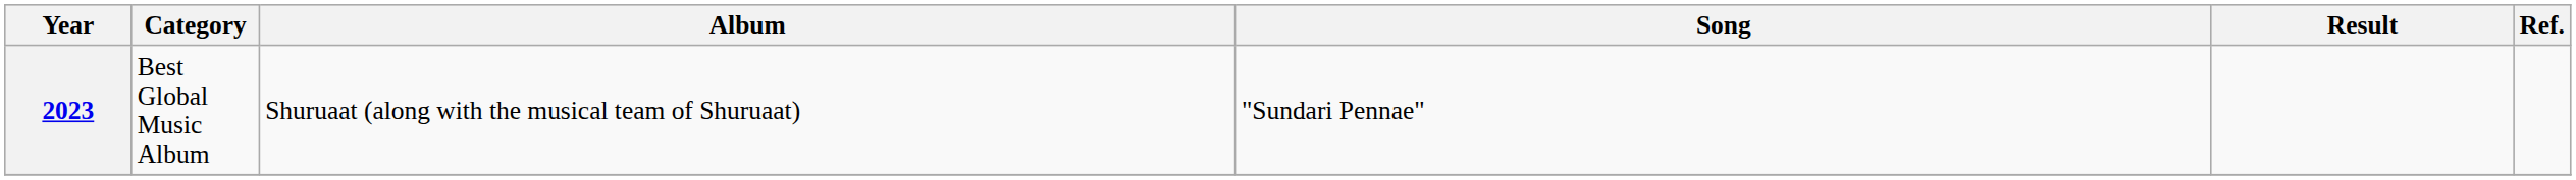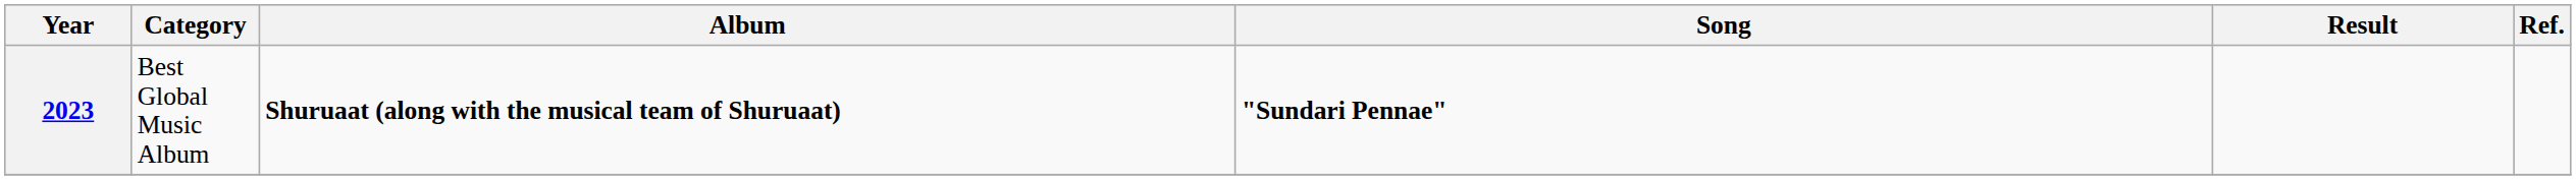 <table class="wikitable plainrowheaders" width="100%" textcolor:#000;">
 <tr>
 <th scope="col" width=5%><strong>Year</strong></th>
 <th scope="col" width=5%><strong>Category</strong></th>
 <th scope="col" width=39%><strong>Album</strong></th>
 <th scope="col" width=39%><strong>Song</strong></th>
 <th scope="col" width=15%><strong>Result</strong></th>
 <th scope="col" width=2%><strong>Ref.</strong></th>
 </tr>
 <tr>
 <th scope="row"><a href='#'>2023</a></th>
 <td>Best Global Music Album</td>
-<td>Shuruaat (along with the musical team of Shuruaat)</td>
-<td>"Sundari Pennae"</td>
+<td><strong>Shuruaat (along with the musical team of Shuruaat)</strong></td>
+<td><strong>"Sundari Pennae"</strong></td>
 <td></td>
 <td></td>
 </tr>
 <tr>
 </tr>
 </table>
